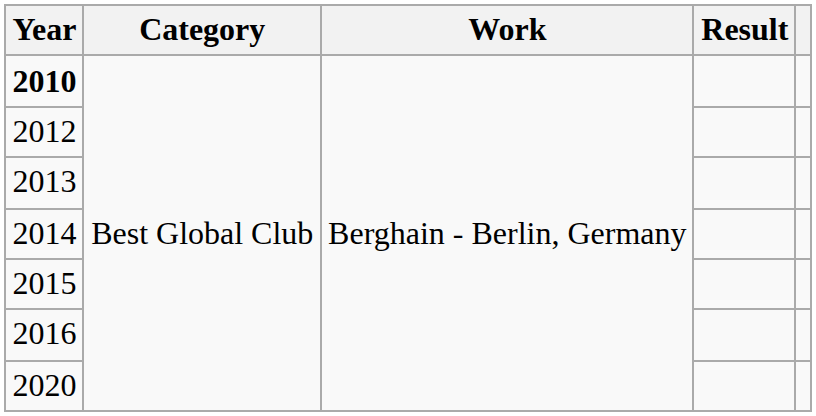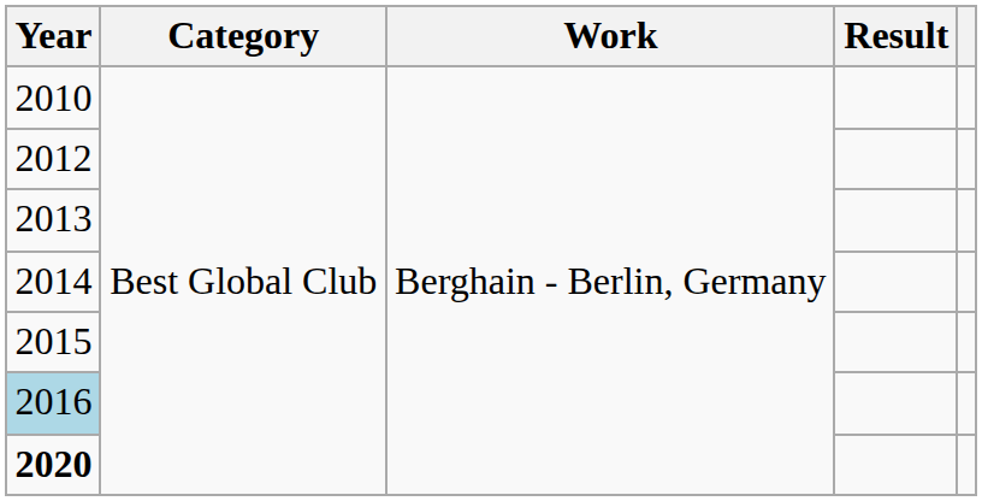 <table class="wikitable">
 <tr>
 <th>Year</th>
 <th>Category</th>
 <th>Work</th>
 <th>Result</th>
 <th></th>
 </tr>
 <tr>
-<td><strong>2010</strong></td>
+<td>2010</td>
 <td rowspan="7">Best Global Club</td>
 <td rowspan="7">Berghain - Berlin, Germany</td>
 <td></td>
 <td></td>
 </tr>
 <tr>
 <td>2012</td>
 <td></td>
 <td></td>
 </tr>
 <tr>
 <td>2013</td>
 <td></td>
 <td></td>
 </tr>
 <tr>
 <td>2014</td>
 <td></td>
 <td></td>
 </tr>
 <tr>
 <td>2015</td>
 <td></td>
 <td></td>
 </tr>
 <tr>
-<td>2016</td>
+<td style="background: lightblue;">2016</td>
 <td></td>
 <td></td>
 </tr>
 <tr>
-<td>2020</td>
+<td><strong>2020</strong></td>
 <td></td>
 <td></td>
 </tr>
 </table>
